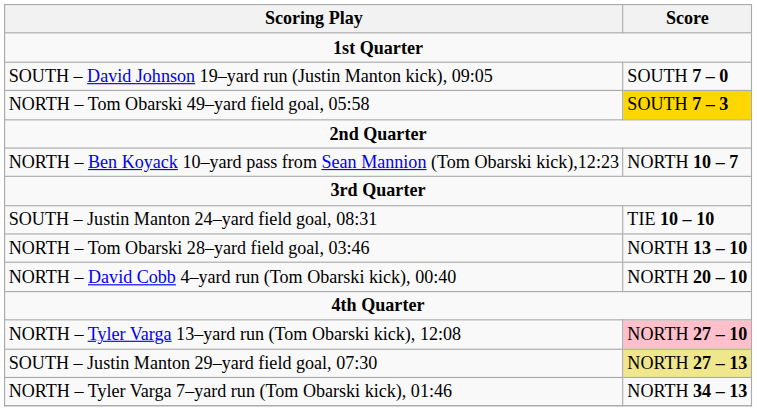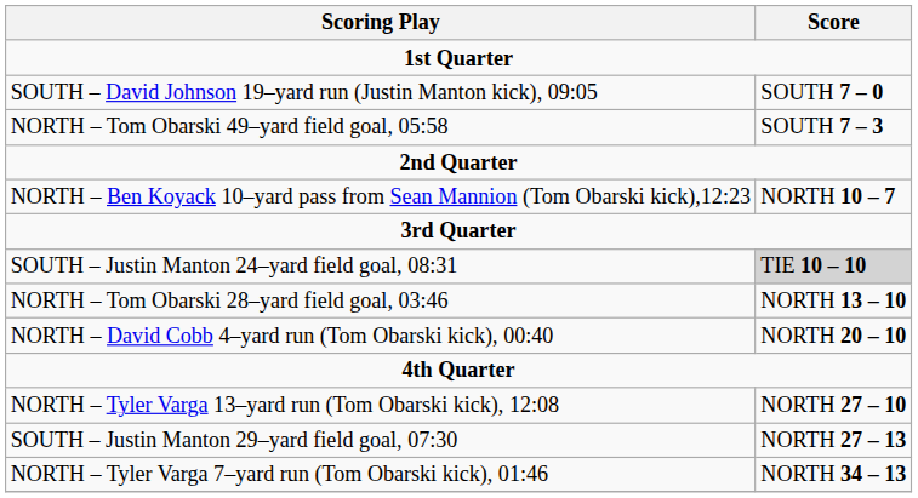 <table class="wikitable">
 <tr>
 <th>Scoring Play</th>
 <th>Score</th>
 </tr>
 <tr>
 <td colspan="4" align="center"><strong>1st Quarter</strong></td>
 </tr>
 <tr>
 <td>SOUTH – <a href='#'>David Johnson</a> 19–yard run (Justin Manton kick), 09:05</td>
 <td>SOUTH <strong>7 – 0</strong></td>
 </tr>
 <tr>
 <td>NORTH – Tom Obarski 49–yard field goal, 05:58</td>
-<td style="background: gold;">SOUTH <strong>7 – 3</strong></td>
+<td>SOUTH <strong>7 – 3</strong></td>
 </tr>
 <tr>
 <td colspan="4" align="center"><strong>2nd Quarter</strong></td>
 </tr>
 <tr>
 <td>NORTH – <a href='#'>Ben Koyack</a> 10–yard pass from <a href='#'>Sean Mannion</a> (Tom Obarski kick),12:23</td>
 <td>NORTH <strong>10 – 7</strong></td>
 </tr>
 <tr>
 <td colspan="4" align="center"><strong>3rd Quarter</strong></td>
 </tr>
 <tr>
 <td>SOUTH – Justin Manton 24–yard field goal, 08:31</td>
-<td>TIE <strong>10 – 10</strong></td>
+<td style="background: lightgrey;">TIE <strong>10 – 10</strong></td>
 </tr>
 <tr>
 <td>NORTH – Tom Obarski 28–yard field goal, 03:46</td>
 <td>NORTH <strong>13 – 10</strong></td>
 </tr>
 <tr>
 <td>NORTH – <a href='#'>David Cobb</a> 4–yard run (Tom Obarski kick), 00:40</td>
 <td>NORTH <strong>20 – 10</strong></td>
 </tr>
 <tr>
 <td colspan="4" align="center"><strong>4th Quarter</strong></td>
 </tr>
 <tr>
 <td>NORTH – <a href='#'>Tyler Varga</a> 13–yard run (Tom Obarski kick), 12:08</td>
-<td style="background: pink;">NORTH <strong>27 – 10</strong></td>
+<td>NORTH <strong>27 – 10</strong></td>
 </tr>
 <tr>
 <td>SOUTH – Justin Manton 29–yard field goal, 07:30</td>
-<td style="background: khaki;">NORTH <strong>27 – 13</strong></td>
+<td>NORTH <strong>27 – 13</strong></td>
 </tr>
 <tr>
 <td>NORTH – Tyler Varga 7–yard run (Tom Obarski kick), 01:46</td>
 <td>NORTH <strong>34 – 13</strong></td>
 </tr>
 <tr>
 </tr>
 </table>
